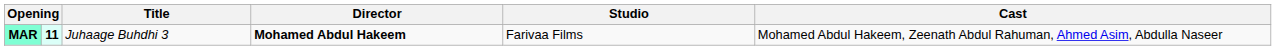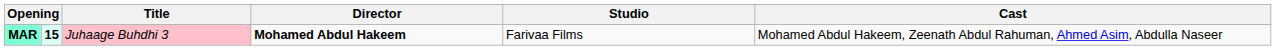 <table class="wikitable plainrowheaders" width="100%">
 <tr>
 <th scope="col" colspan="2" width=4%>Opening</th>
 <th scope="col" width=15%>Title</th>
 <th scope="col" width=20%>Director</th>
 <th scope="col" width=20%>Studio</th>
 <th scope="col" width=45%>Cast</th>
 </tr>
 <tr>
 <td style="text-align:center; background:#7FFFD4; textcolor:#000;"><strong>MAR</strong></td>
-<td style="text-align:center; background:#dbfff8;"><strong>11</strong></td>
-<td><em>Juhaage Buhdhi 3</em></td>
+<td style="text-align:center; background:#dbfff8;"><strong>15</strong></td>
+<td style="background: pink;"><em>Juhaage Buhdhi 3</em></td>
 <td><strong>Mohamed Abdul Hakeem</strong></td>
 <td>Farivaa Films</td>
 <td>Mohamed Abdul Hakeem, Zeenath Abdul Rahuman, <a href='#'>Ahmed Asim</a>, Abdulla Naseer</td>
 </tr>
 </table>
